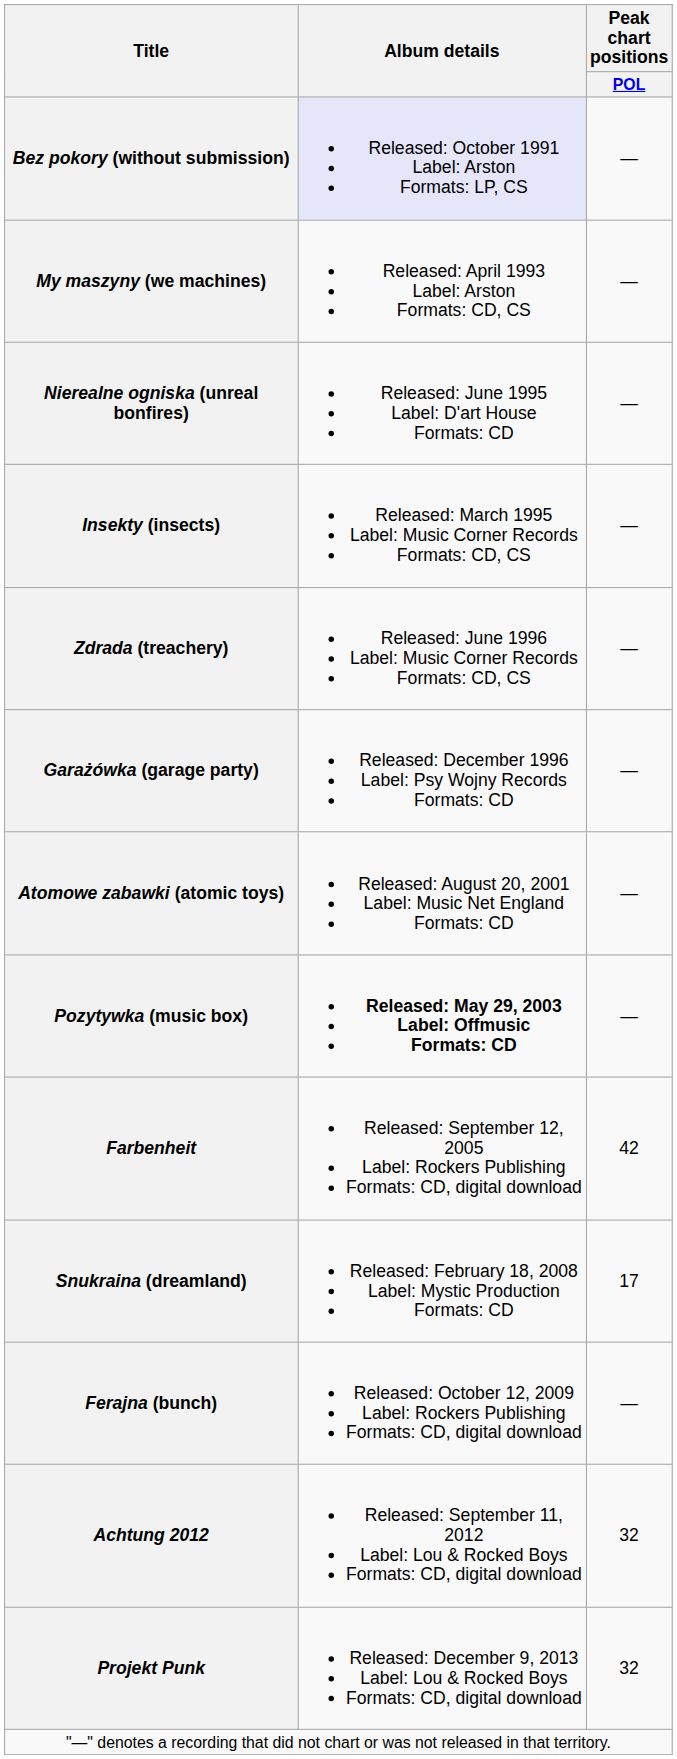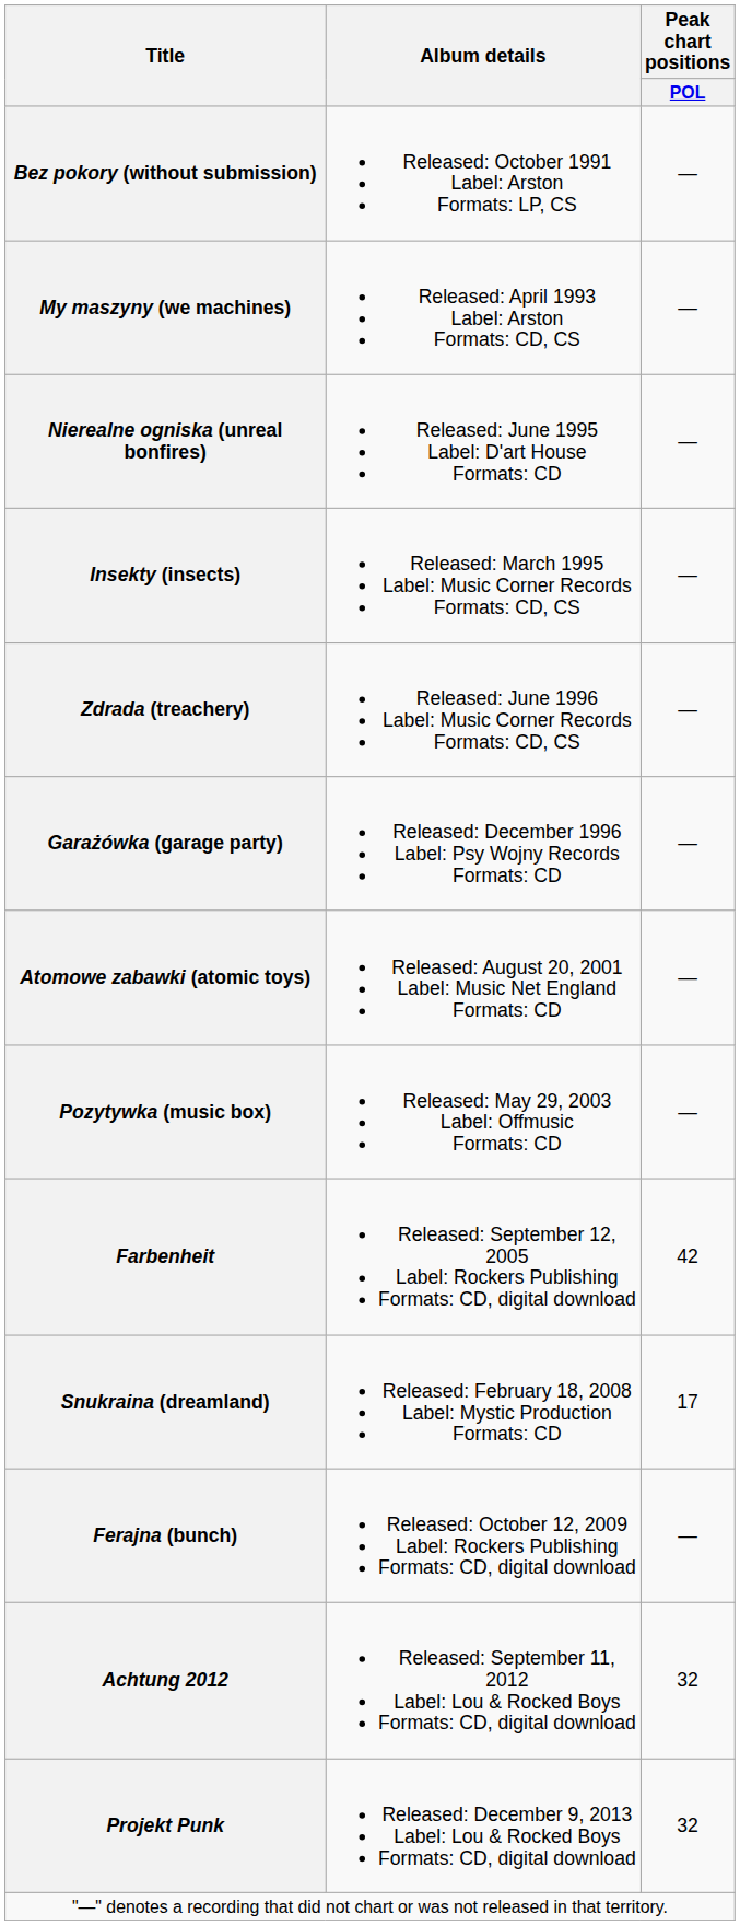 <table class="wikitable plainrowheaders" style="text-align:center;">
 <tr>
 <th scope="col" rowspan="2">Title</th>
 <th scope="col" rowspan="2">Album details</th>
 <th scope="col">Peak chart positions</th>
 </tr>
 <tr>
 <th scope="col" style="width:3em;font-size:90%;"><a href='#'>POL</a><br></th>
 </tr>
 <tr>
 <th scope="row"><em>Bez pokory</em> (without submission)</th>
-<td style="background: lavender;"><br><ul><li>Released: October 1991</li><li>Label: Arston</li><li>Formats: LP, CS</li></ul></td>
+<td><br><ul><li>Released: October 1991</li><li>Label: Arston</li><li>Formats: LP, CS</li></ul></td>
 <td>—</td>
 </tr>
 <tr>
 <th scope="row"><em>My maszyny</em> (we machines)</th>
 <td><br><ul><li>Released: April 1993</li><li>Label: Arston</li><li>Formats: CD, CS</li></ul></td>
 <td>—</td>
 </tr>
 <tr>
 <th scope="row"><em>Nierealne ogniska</em> (unreal bonfires)</th>
 <td><br><ul><li>Released: June 1995</li><li>Label: D'art House</li><li>Formats: CD</li></ul></td>
 <td>—</td>
 </tr>
 <tr>
 <th scope="row"><em>Insekty</em> (insects)</th>
 <td><br><ul><li>Released: March 1995</li><li>Label: Music Corner Records</li><li>Formats: CD, CS</li></ul></td>
 <td>—</td>
 </tr>
 <tr>
 <th scope="row"><em>Zdrada</em> (treachery)</th>
 <td><br><ul><li>Released: June 1996</li><li>Label: Music Corner Records</li><li>Formats: CD, CS</li></ul></td>
 <td>—</td>
 </tr>
 <tr>
 <th scope="row"><em>Garażówka</em> (garage party)</th>
 <td><br><ul><li>Released: December 1996</li><li>Label: Psy Wojny Records</li><li>Formats: CD</li></ul></td>
 <td>—</td>
 </tr>
 <tr>
 <th scope="row"><em>Atomowe zabawki</em> (atomic toys)</th>
 <td><br><ul><li>Released: August 20, 2001</li><li>Label: Music Net England</li><li>Formats: CD</li></ul></td>
 <td>—</td>
 </tr>
 <tr>
 <th scope="row"><em>Pozytywka</em> (music box)</th>
-<td><strong><br><ul><li>Released: May 29, 2003</li><li>Label: Offmusic</li><li>Formats: CD</li></ul></strong></td>
+<td><br><ul><li>Released: May 29, 2003</li><li>Label: Offmusic</li><li>Formats: CD</li></ul></td>
 <td>—</td>
 </tr>
 <tr>
 <th scope="row"><em>Farbenheit</em></th>
 <td><br><ul><li>Released: September 12, 2005</li><li>Label: Rockers Publishing</li><li>Formats: CD, digital download</li></ul></td>
 <td>42</td>
 </tr>
 <tr>
 <th scope="row"><em>Snukraina</em> (dreamland)</th>
 <td><br><ul><li>Released: February 18, 2008</li><li>Label: Mystic Production</li><li>Formats: CD</li></ul></td>
 <td>17</td>
 </tr>
 <tr>
 <th scope="row"><em>Ferajna</em> (bunch)</th>
 <td><br><ul><li>Released: October 12, 2009</li><li>Label: Rockers Publishing</li><li>Formats: CD, digital download</li></ul></td>
 <td>—</td>
 </tr>
 <tr>
 <th scope="row"><em>Achtung 2012</em></th>
 <td><br><ul><li>Released: September 11, 2012</li><li>Label: Lou & Rocked Boys</li><li>Formats: CD, digital download</li></ul></td>
 <td>32</td>
 </tr>
 <tr>
 <th scope="row"><em>Projekt Punk</em></th>
 <td><br><ul><li>Released: December 9, 2013</li><li>Label: Lou & Rocked Boys</li><li>Formats: CD, digital download</li></ul></td>
 <td>32</td>
 </tr>
 <tr>
 <td colspan="15" style="font-size:90%">"—" denotes a recording that did not chart or was not released in that territory.</td>
 </tr>
 </table>
